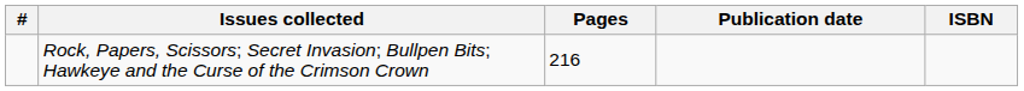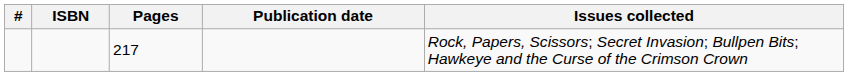 <table class="wikitable sortable" width=98%>
 <tr>
 <th class="unsortable">#</th>
-<th class="unsortable" width="50%">Issues collected</th>
+<th class="unsortable">ISBN</th>
 <th>Pages</th>
 <th>Publication date</th>
-<th class="unsortable">ISBN</th>
+<th class="unsortable" width="50%">Issues collected</th>
 </tr>
 <tr>
 <td></td>
+<td></td>
+<td>217</td>
+<td></td>
 <td><em>Rock, Papers, Scissors</em>; <em>Secret Invasion</em>; <em>Bullpen Bits</em>; <em>Hawkeye and the Curse of the Crimson Crown</em></td>
-<td>216</td>
-<td></td>
-<td></td>
 </tr>
 </table>
